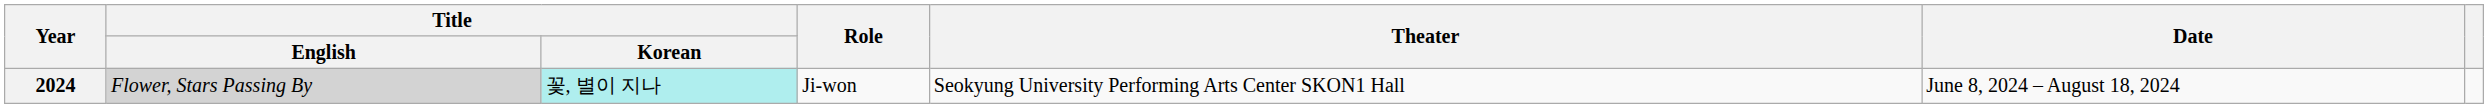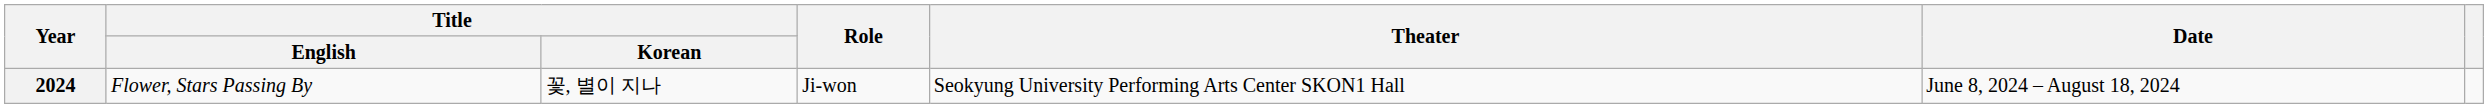 <table class="wikitable sortable plainrowheaders" style="text-align:left; font-size:100%; padding:0 auto; width:100%; margin:auto">
 <tr>
 <th rowspan="2" scope="col">Year</th>
 <th colspan="2" scope="col">Title</th>
 <th rowspan="2" scope="col">Role</th>
 <th rowspan="2" scope="col">Theater</th>
 <th rowspan="2" scope="col">Date</th>
 <th rowspan="2" scope="col" class="unsortable"></th>
 </tr>
 <tr>
 <th>English</th>
 <th>Korean</th>
 </tr>
 <tr>
 <th scope="row">2024</th>
-<td style="background: lightgrey;"><em>Flower, Stars Passing By</em></td>
-<td style="background: paleturquoise;">꽃, 별이 지나</td>
+<td><em>Flower, Stars Passing By</em></td>
+<td>꽃, 별이 지나</td>
 <td>Ji-won</td>
 <td>Seokyung University Performing Arts Center SKON1 Hall</td>
 <td>June 8, 2024 – August 18, 2024</td>
 <td></td>
 </tr>
 </table>
